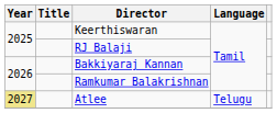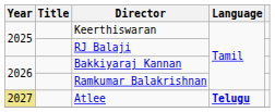 <table class="wikitable sortable">
 <tr>
 <th scope="col">Year</th>
 <th scope="col">Title</th>
 <th scope="col">Director</th>
 <th scope="col">Language</th>
 <th scope="col" class="unsortable"></th>
 </tr>
 <tr>
 <td rowspan="2">2025</td>
 <td></td>
 <td>Keerthiswaran</td>
 <td rowspan="4"><a href='#'>Tamil</a></td>
 <td></td>
 </tr>
 <tr>
 <td></td>
 <td><a href='#'>RJ Balaji</a></td>
 <td></td>
 </tr>
 <tr>
 <td rowspan="2">2026</td>
 <td></td>
 <td><a href='#'>Bakkiyaraj Kannan</a></td>
 <td></td>
 </tr>
 <tr>
 <td></td>
 <td><a href='#'>Ramkumar Balakrishnan</a></td>
 <td></td>
 </tr>
 <tr>
 <td style="background: khaki;">2027</td>
 <td></td>
 <td><a href='#'>Atlee</a></td>
-<td><a href='#'>Telugu</a></td>
+<td><strong><a href='#'>Telugu</a></strong></td>
 <td></td>
 </tr>
 <tr>
 </tr>
 </table>
